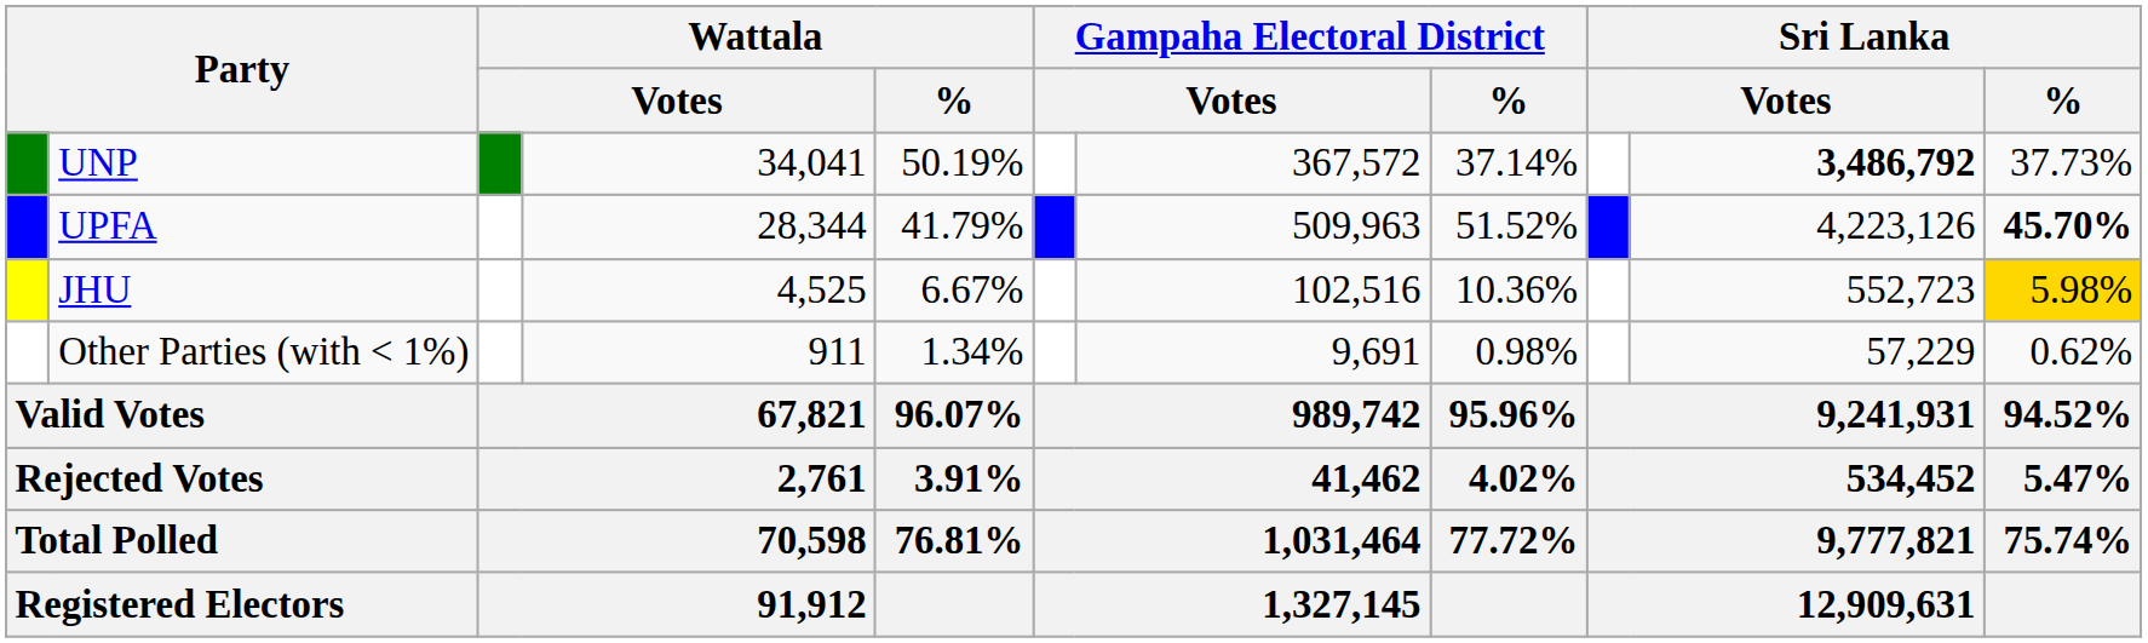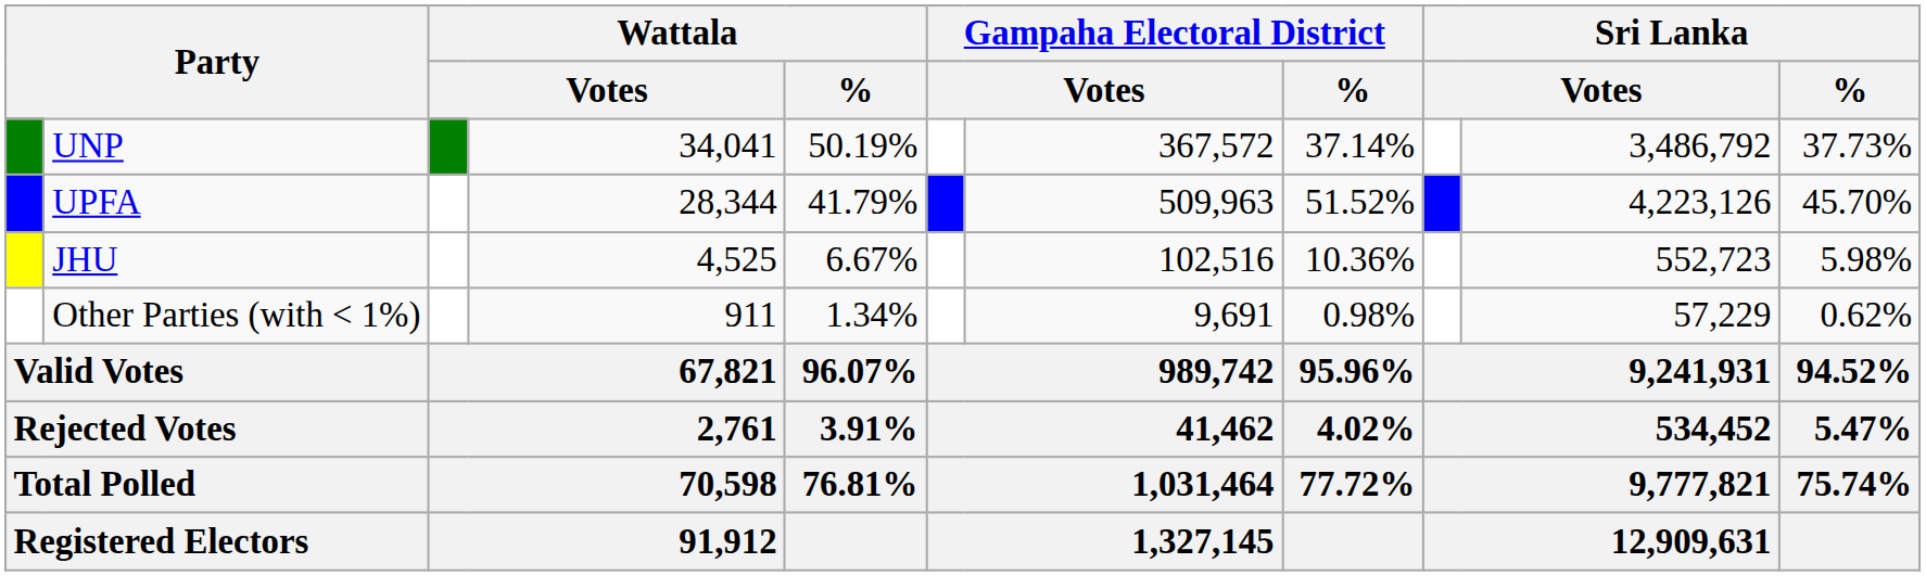 <table class="wikitable">
 <tr>
 <th colspan="2" width="144px"rowspan="2">Party</th>
 <th colspan="3" width="216px">Wattala</th>
 <th colspan="3" width="216px"><a href='#'>Gampaha Electoral District</a></th>
 <th colspan="3" width="216px">Sri Lanka</th>
 </tr>
 <tr>
 <th colspan="2" width="144px">Votes</th>
 <th>%</th>
 <th colspan="2" width="144px">Votes</th>
 <th>%</th>
 <th colspan="2" width="144px">Votes</th>
 <th>%</th>
 </tr>
 <tr>
 <td style="background-color:green;" width="10px"></td>
 <td style="text-align:left;"><a href='#'>UNP</a></td>
 <td style="background-color:green;" width="10px"></td>
 <td style="text-align:right;">34,041</td>
 <td style="text-align:right;">50.19%</td>
 <td style="background-color:white;" width="10px"></td>
 <td style="text-align:right;">367,572</td>
 <td style="text-align:right;">37.14%</td>
 <td style="background-color:white;" width="10px"></td>
-<td style="text-align:right;"><strong>3,486,792</strong></td>
+<td style="text-align:right;">3,486,792</td>
 <td style="text-align:right;">37.73%</td>
 </tr>
 <tr>
 <td style="background-color:blue;" width="10px"></td>
 <td style="text-align:left;"><a href='#'>UPFA</a></td>
 <td style="background-color:white;" width="10px"></td>
 <td style="text-align:right;">28,344</td>
 <td style="text-align:right;">41.79%</td>
 <td style="background-color:blue;" width="10px"></td>
 <td style="text-align:right;">509,963</td>
 <td style="text-align:right;">51.52%</td>
 <td style="background-color:blue;" width="10px"></td>
 <td style="text-align:right;">4,223,126</td>
-<td style="text-align:right;"><strong>45.70%</strong></td>
+<td style="text-align:right;">45.70%</td>
 </tr>
 <tr>
 <td style="background-color:yellow;" width="10px"></td>
 <td style="text-align:left;"><a href='#'>JHU</a></td>
 <td style="background-color:white;" width="10px"></td>
 <td style="text-align:right;">4,525</td>
 <td style="text-align:right;">6.67%</td>
 <td style="background-color:white;" width="10px"></td>
 <td style="text-align:right;">102,516</td>
 <td style="text-align:right;">10.36%</td>
 <td style="background-color:white;" width="10px"></td>
 <td style="text-align:right;">552,723</td>
-<td style="background: gold; text-align:right;">5.98%</td>
+<td style="text-align:right;">5.98%</td>
 </tr>
 <tr>
 <td style="background-color:white;" width="10px"></td>
 <td style="text-align:left;">Other Parties (with < 1%)</td>
 <td style="background-color:white;" width="10px"></td>
 <td style="text-align:right;">911</td>
 <td style="text-align:right;">1.34%</td>
 <td style="background-color:white;" width="10px"></td>
 <td style="text-align:right;">9,691</td>
 <td style="text-align:right;">0.98%</td>
 <td style="background-color:white;" width="10px"></td>
 <td style="text-align:right;">57,229</td>
 <td style="text-align:right;">0.62%</td>
 </tr>
 <tr>
 <th colspan="2" width="144px"style="text-align:left;">Valid Votes</th>
 <th style="text-align:right;"colspan="2" width="144px">67,821</th>
 <th style="text-align:right;">96.07%</th>
 <th style="text-align:right;"colspan="2" width="144px">989,742</th>
 <th style="text-align:right;">95.96%</th>
 <th style="text-align:right;"colspan="2" width="144px">9,241,931</th>
 <th style="text-align:right;">94.52%</th>
 </tr>
 <tr>
 <th colspan="2" width="144px"style="text-align:left;">Rejected Votes</th>
 <th style="text-align:right;"colspan="2" width="144px">2,761</th>
 <th style="text-align:right;">3.91%</th>
 <th style="text-align:right;"colspan="2" width="144px">41,462</th>
 <th style="text-align:right;">4.02%</th>
 <th style="text-align:right;"colspan="2" width="144px">534,452</th>
 <th style="text-align:right;">5.47%</th>
 </tr>
 <tr>
 <th colspan="2" width="144px"style="text-align:left;">Total Polled</th>
 <th style="text-align:right;"colspan="2" width="144px">70,598</th>
 <th style="text-align:right;">76.81%</th>
 <th style="text-align:right;"colspan="2" width="144px">1,031,464</th>
 <th style="text-align:right;">77.72%</th>
 <th style="text-align:right;"colspan="2" width="144px">9,777,821</th>
 <th style="text-align:right;">75.74%</th>
 </tr>
 <tr>
 <th colspan="2" width="144px"style="text-align:left;">Registered Electors</th>
 <th style="text-align:right;"colspan="2" width="144px">91,912</th>
 <th></th>
 <th style="text-align:right;"colspan="2" width="144px">1,327,145</th>
 <th></th>
 <th style="text-align:right;"colspan="2" width="144px">12,909,631</th>
 <th></th>
 </tr>
 </table>
